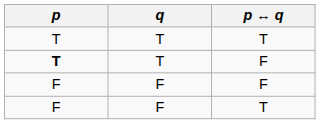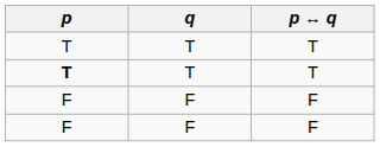 <table class="wikitable" style="margin:1em auto; text-align:center;">
 <tr>
 <th style="width:15%"><em>p</em></th>
 <th style="width:15%"><em>q</em></th>
 <th style="width:15%"><em>p</em> ↔ <em>q</em></th>
 </tr>
 <tr>
 <td>T</td>
 <td>T</td>
 <td>T</td>
 </tr>
 <tr>
 <td><strong>T</strong></td>
 <td>T</td>
-<td>F</td>
+<td>T</td>
 </tr>
 <tr>
 <td>F</td>
 <td>F</td>
 <td>F</td>
 </tr>
 <tr>
 <td>F</td>
 <td>F</td>
-<td>T</td>
+<td>F</td>
 </tr>
 </table>
